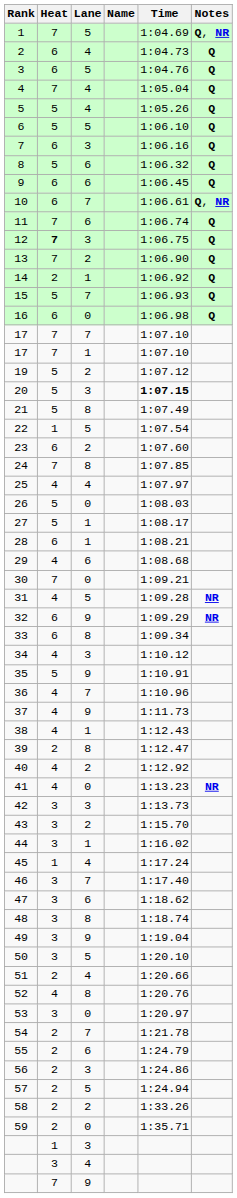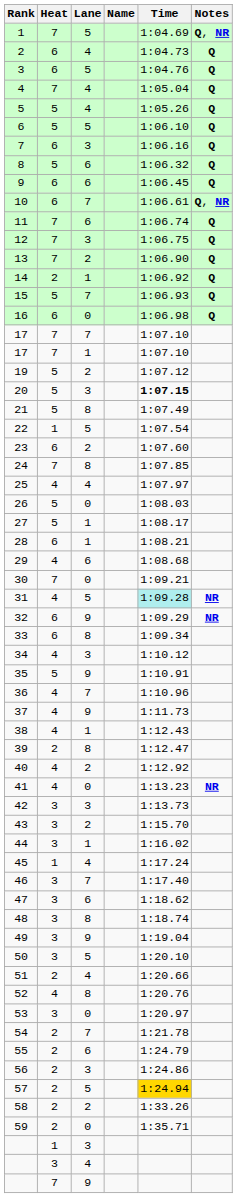 <table class="wikitable sortable" style="text-align:center">
 <tr>
 <th>Rank</th>
 <th>Heat</th>
 <th>Lane</th>
 <th>Name</th>
 <th>Time</th>
 <th>Notes</th>
 </tr>
 <tr bgcolor=ccffcc>
 <td>1</td>
 <td>7</td>
 <td>5</td>
 <td align=left></td>
 <td>1:04.69</td>
 <td><strong>Q</strong>, <strong><a href='#'>NR</a></strong></td>
 </tr>
 <tr bgcolor=ccffcc>
 <td>2</td>
 <td>6</td>
 <td>4</td>
 <td align=left></td>
 <td>1:04.73</td>
 <td><strong>Q</strong></td>
 </tr>
 <tr bgcolor=ccffcc>
 <td>3</td>
 <td>6</td>
 <td>5</td>
 <td align=left></td>
 <td>1:04.76</td>
 <td><strong>Q</strong></td>
 </tr>
 <tr bgcolor=ccffcc>
 <td>4</td>
 <td>7</td>
 <td>4</td>
 <td align=left></td>
 <td>1:05.04</td>
 <td><strong>Q</strong></td>
 </tr>
 <tr bgcolor=ccffcc>
 <td>5</td>
 <td>5</td>
 <td>4</td>
 <td align=left></td>
 <td>1:05.26</td>
 <td><strong>Q</strong></td>
 </tr>
 <tr bgcolor=ccffcc>
 <td>6</td>
 <td>5</td>
 <td>5</td>
 <td align=left></td>
 <td>1:06.10</td>
 <td><strong>Q</strong></td>
 </tr>
 <tr bgcolor=ccffcc>
 <td>7</td>
 <td>6</td>
 <td>3</td>
 <td align=left></td>
 <td>1:06.16</td>
 <td><strong>Q</strong></td>
 </tr>
 <tr bgcolor=ccffcc>
 <td>8</td>
 <td>5</td>
 <td>6</td>
 <td align=left></td>
 <td>1:06.32</td>
 <td><strong>Q</strong></td>
 </tr>
 <tr bgcolor=ccffcc>
 <td>9</td>
 <td>6</td>
 <td>6</td>
 <td align=left></td>
 <td>1:06.45</td>
 <td><strong>Q</strong></td>
 </tr>
 <tr bgcolor=ccffcc>
 <td>10</td>
 <td>6</td>
 <td>7</td>
 <td align=left></td>
 <td>1:06.61</td>
 <td><strong>Q</strong>, <strong><a href='#'>NR</a></strong></td>
 </tr>
 <tr bgcolor=ccffcc>
 <td>11</td>
 <td>7</td>
 <td>6</td>
 <td align=left></td>
 <td>1:06.74</td>
 <td><strong>Q</strong></td>
 </tr>
 <tr bgcolor=ccffcc>
 <td>12</td>
-<td><strong>7</strong></td>
+<td>7</td>
 <td>3</td>
 <td align=left></td>
 <td>1:06.75</td>
 <td><strong>Q</strong></td>
 </tr>
 <tr bgcolor=ccffcc>
 <td>13</td>
 <td>7</td>
 <td>2</td>
 <td align=left></td>
 <td>1:06.90</td>
 <td><strong>Q</strong></td>
 </tr>
 <tr bgcolor=ccffcc>
 <td>14</td>
 <td>2</td>
 <td>1</td>
 <td align=left></td>
 <td>1:06.92</td>
 <td><strong>Q</strong></td>
 </tr>
 <tr bgcolor=ccffcc>
 <td>15</td>
 <td>5</td>
 <td>7</td>
 <td align=left></td>
 <td>1:06.93</td>
 <td><strong>Q</strong></td>
 </tr>
 <tr bgcolor=ccffcc>
 <td>16</td>
 <td>6</td>
 <td>0</td>
 <td align=left></td>
 <td>1:06.98</td>
 <td><strong>Q</strong></td>
 </tr>
 <tr>
 <td>17</td>
 <td>7</td>
 <td>7</td>
 <td align=left></td>
 <td>1:07.10</td>
 <td></td>
 </tr>
 <tr>
 <td>17</td>
 <td>7</td>
 <td>1</td>
 <td align=left></td>
 <td>1:07.10</td>
 <td></td>
 </tr>
 <tr>
 <td>19</td>
 <td>5</td>
 <td>2</td>
 <td align=left></td>
 <td>1:07.12</td>
 <td></td>
 </tr>
 <tr>
 <td>20</td>
 <td>5</td>
 <td>3</td>
 <td align=left></td>
 <td><strong>1:07.15</strong></td>
 <td></td>
 </tr>
 <tr>
 <td>21</td>
 <td>5</td>
 <td>8</td>
 <td align=left></td>
 <td>1:07.49</td>
 <td></td>
 </tr>
 <tr>
 <td>22</td>
 <td>1</td>
 <td>5</td>
 <td align=left></td>
 <td>1:07.54</td>
 <td></td>
 </tr>
 <tr>
 <td>23</td>
 <td>6</td>
 <td>2</td>
 <td align=left></td>
 <td>1:07.60</td>
 <td></td>
 </tr>
 <tr>
 <td>24</td>
 <td>7</td>
 <td>8</td>
 <td align=left></td>
 <td>1:07.85</td>
 <td></td>
 </tr>
 <tr>
 <td>25</td>
 <td>4</td>
 <td>4</td>
 <td align=left></td>
 <td>1:07.97</td>
 <td></td>
 </tr>
 <tr>
 <td>26</td>
 <td>5</td>
 <td>0</td>
 <td align=left></td>
 <td>1:08.03</td>
 <td></td>
 </tr>
 <tr>
 <td>27</td>
 <td>5</td>
 <td>1</td>
 <td align=left></td>
 <td>1:08.17</td>
 <td></td>
 </tr>
 <tr>
 <td>28</td>
 <td>6</td>
 <td>1</td>
 <td align=left></td>
 <td>1:08.21</td>
 <td></td>
 </tr>
 <tr>
 <td>29</td>
 <td>4</td>
 <td>6</td>
 <td align=left></td>
 <td>1:08.68</td>
 <td></td>
 </tr>
 <tr>
 <td>30</td>
 <td>7</td>
 <td>0</td>
 <td align=left></td>
 <td>1:09.21</td>
 <td></td>
 </tr>
 <tr>
 <td>31</td>
 <td>4</td>
 <td>5</td>
 <td align=left></td>
-<td>1:09.28</td>
+<td style="background: paleturquoise;">1:09.28</td>
 <td><strong><a href='#'>NR</a></strong></td>
 </tr>
 <tr>
 <td>32</td>
 <td>6</td>
 <td>9</td>
 <td align=left></td>
 <td>1:09.29</td>
 <td><strong><a href='#'>NR</a></strong></td>
 </tr>
 <tr>
 <td>33</td>
 <td>6</td>
 <td>8</td>
 <td align=left></td>
 <td>1:09.34</td>
 <td></td>
 </tr>
 <tr>
 <td>34</td>
 <td>4</td>
 <td>3</td>
 <td align=left></td>
 <td>1:10.12</td>
 <td></td>
 </tr>
 <tr>
 <td>35</td>
 <td>5</td>
 <td>9</td>
 <td align=left></td>
 <td>1:10.91</td>
 <td></td>
 </tr>
 <tr>
 <td>36</td>
 <td>4</td>
 <td>7</td>
 <td align=left></td>
 <td>1:10.96</td>
 <td></td>
 </tr>
 <tr>
 <td>37</td>
 <td>4</td>
 <td>9</td>
 <td align=left></td>
 <td>1:11.73</td>
 <td></td>
 </tr>
 <tr>
 <td>38</td>
 <td>4</td>
 <td>1</td>
 <td align=left></td>
 <td>1:12.43</td>
 <td></td>
 </tr>
 <tr>
 <td>39</td>
 <td>2</td>
 <td>8</td>
 <td align=left></td>
 <td>1:12.47</td>
 <td></td>
 </tr>
 <tr>
 <td>40</td>
 <td>4</td>
 <td>2</td>
 <td align=left></td>
 <td>1:12.92</td>
 <td></td>
 </tr>
 <tr>
 <td>41</td>
 <td>4</td>
 <td>0</td>
 <td align=left></td>
 <td>1:13.23</td>
 <td><strong><a href='#'>NR</a></strong></td>
 </tr>
 <tr>
 <td>42</td>
 <td>3</td>
 <td>3</td>
 <td align=left></td>
 <td>1:13.73</td>
 <td></td>
 </tr>
 <tr>
 <td>43</td>
 <td>3</td>
 <td>2</td>
 <td align=left></td>
 <td>1:15.70</td>
 <td></td>
 </tr>
 <tr>
 <td>44</td>
 <td>3</td>
 <td>1</td>
 <td align=left></td>
 <td>1:16.02</td>
 <td></td>
 </tr>
 <tr>
 <td>45</td>
 <td>1</td>
 <td>4</td>
 <td align=left></td>
 <td>1:17.24</td>
 <td></td>
 </tr>
 <tr>
 <td>46</td>
 <td>3</td>
 <td>7</td>
 <td align=left></td>
 <td>1:17.40</td>
 <td></td>
 </tr>
 <tr>
 <td>47</td>
 <td>3</td>
 <td>6</td>
 <td align=left></td>
 <td>1:18.62</td>
 <td></td>
 </tr>
 <tr>
 <td>48</td>
 <td>3</td>
 <td>8</td>
 <td align=left></td>
 <td>1:18.74</td>
 <td></td>
 </tr>
 <tr>
 <td>49</td>
 <td>3</td>
 <td>9</td>
 <td align=left></td>
 <td>1:19.04</td>
 <td></td>
 </tr>
 <tr>
 <td>50</td>
 <td>3</td>
 <td>5</td>
 <td align=left></td>
 <td>1:20.10</td>
 <td></td>
 </tr>
 <tr>
 <td>51</td>
 <td>2</td>
 <td>4</td>
 <td align=left></td>
 <td>1:20.66</td>
 <td></td>
 </tr>
 <tr>
 <td>52</td>
 <td>4</td>
 <td>8</td>
 <td align=left></td>
 <td>1:20.76</td>
 <td></td>
 </tr>
 <tr>
 <td>53</td>
 <td>3</td>
 <td>0</td>
 <td align=left></td>
 <td>1:20.97</td>
 <td></td>
 </tr>
 <tr>
 <td>54</td>
 <td>2</td>
 <td>7</td>
 <td align=left></td>
 <td>1:21.78</td>
 <td></td>
 </tr>
 <tr>
 <td>55</td>
 <td>2</td>
 <td>6</td>
 <td align=left></td>
 <td>1:24.79</td>
 <td></td>
 </tr>
 <tr>
 <td>56</td>
 <td>2</td>
 <td>3</td>
 <td align=left></td>
 <td>1:24.86</td>
 <td></td>
 </tr>
 <tr>
 <td>57</td>
 <td>2</td>
 <td>5</td>
 <td align=left></td>
-<td>1:24.94</td>
+<td style="background: gold;">1:24.94</td>
 <td></td>
 </tr>
 <tr>
 <td>58</td>
 <td>2</td>
 <td>2</td>
 <td align=left></td>
 <td>1:33.26</td>
 <td></td>
 </tr>
 <tr>
 <td>59</td>
 <td>2</td>
 <td>0</td>
 <td align=left></td>
 <td>1:35.71</td>
 <td></td>
 </tr>
 <tr>
 <td></td>
 <td>1</td>
 <td>3</td>
 <td align=left></td>
 <td></td>
 <td></td>
 </tr>
 <tr>
 <td></td>
 <td>3</td>
 <td>4</td>
 <td align=left></td>
 <td></td>
 <td></td>
 </tr>
 <tr>
 <td></td>
 <td>7</td>
 <td>9</td>
 <td align=left></td>
 <td></td>
 <td></td>
 </tr>
 </table>
